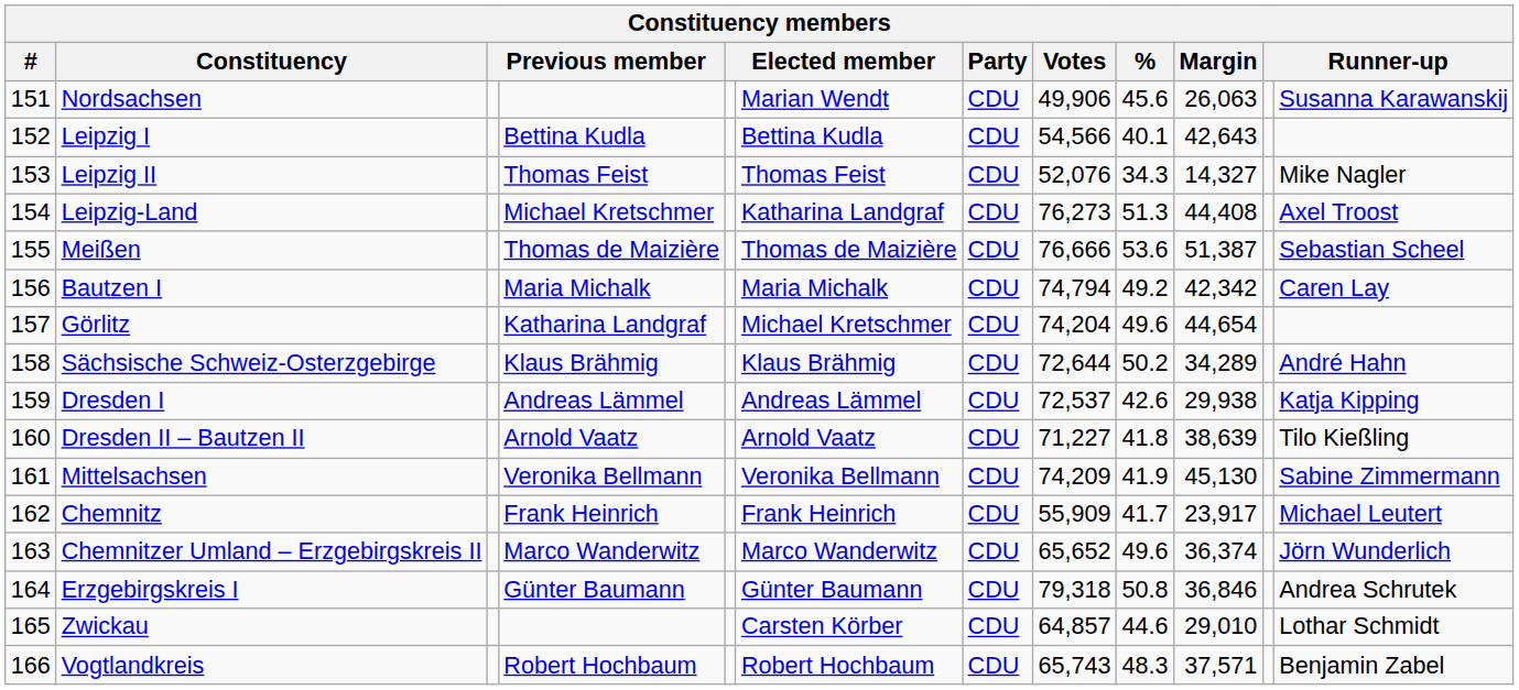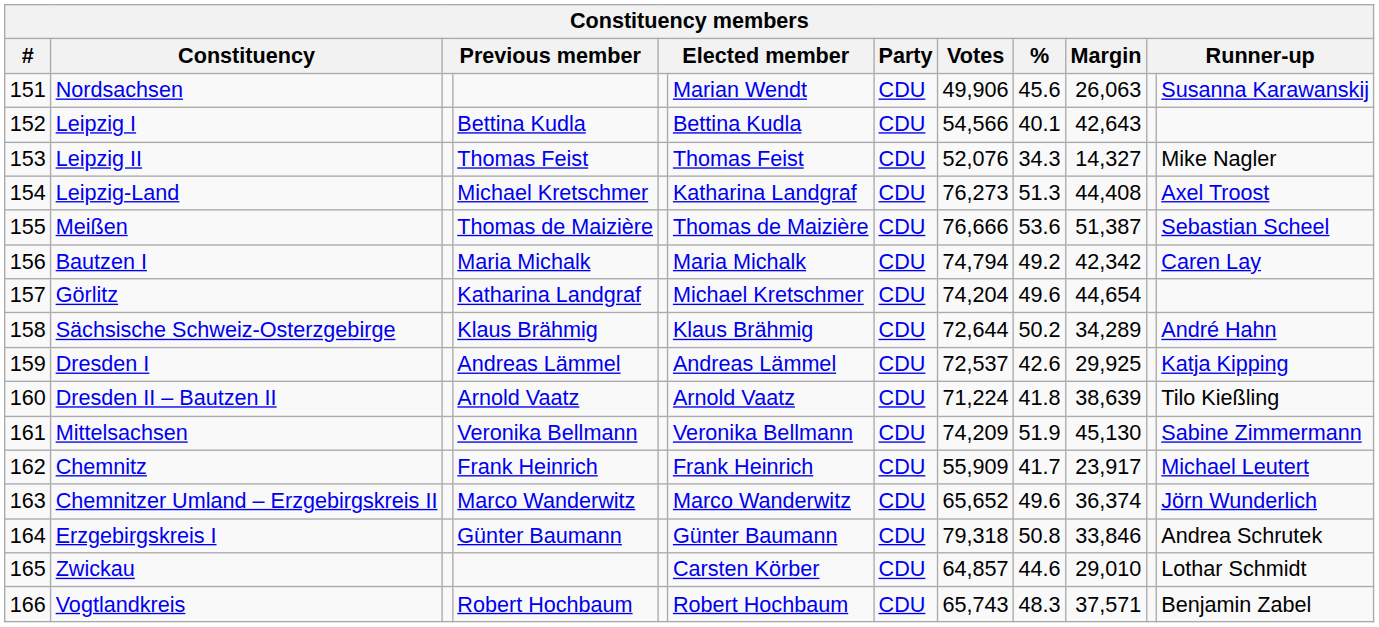 <table class="wikitable sortable" style="text-align:right">
 <tr>
 <th colspan="12">Constituency members</th>
 </tr>
 <tr>
 <th>#</th>
 <th>Constituency</th>
 <th colspan="2">Previous member</th>
 <th colspan="2">Elected member</th>
 <th>Party</th>
 <th>Votes</th>
 <th>%</th>
 <th>Margin</th>
 <th colspan="2">Runner-up</th>
 </tr>
 <tr>
 <td>151</td>
 <td align=left><a href='#'>Nordsachsen</a></td>
 <td bgcolor=></td>
 <td align=left></td>
 <td></td>
 <td align=left><a href='#'>Marian Wendt</a></td>
 <td align=left><a href='#'>CDU</a></td>
 <td>49,906</td>
 <td>45.6</td>
 <td>26,063</td>
 <td bgcolor=></td>
 <td align=left><a href='#'>Susanna Karawanskij</a></td>
 </tr>
 <tr>
 <td>152</td>
 <td align=left><a href='#'>Leipzig I</a></td>
 <td bgcolor=></td>
 <td align=left><a href='#'>Bettina Kudla</a></td>
 <td bgcolor=></td>
 <td align=left><a href='#'>Bettina Kudla</a></td>
 <td align=left><a href='#'>CDU</a></td>
 <td>54,566</td>
 <td>40.1</td>
 <td>42,643</td>
 <td bgcolor=></td>
 <td align=left></td>
 </tr>
 <tr>
 <td>153</td>
 <td align=left><a href='#'>Leipzig II</a></td>
 <td bgcolor=></td>
 <td align=left><a href='#'>Thomas Feist</a></td>
 <td bgcolor=></td>
 <td align=left><a href='#'>Thomas Feist</a></td>
 <td align=left><a href='#'>CDU</a></td>
 <td>52,076</td>
 <td>34.3</td>
 <td>14,327</td>
 <td bgcolor=></td>
 <td align=left>Mike Nagler</td>
 </tr>
 <tr>
 <td>154</td>
 <td align=left><a href='#'>Leipzig-Land</a></td>
 <td bgcolor=></td>
 <td align=left><a href='#'>Michael Kretschmer</a></td>
 <td bgcolor=></td>
 <td align=left><a href='#'>Katharina Landgraf</a></td>
 <td align=left><a href='#'>CDU</a></td>
 <td>76,273</td>
 <td>51.3</td>
 <td>44,408</td>
 <td bgcolor=></td>
 <td align=left><a href='#'>Axel Troost</a></td>
 </tr>
 <tr>
 <td>155</td>
 <td align=left><a href='#'>Meißen</a></td>
 <td bgcolor=></td>
 <td align=left><a href='#'>Thomas de Maizière</a></td>
 <td bgcolor=></td>
 <td align=left><a href='#'>Thomas de Maizière</a></td>
 <td align=left><a href='#'>CDU</a></td>
 <td>76,666</td>
 <td>53.6</td>
 <td>51,387</td>
 <td bgcolor=></td>
 <td align=left><a href='#'>Sebastian Scheel</a></td>
 </tr>
 <tr>
 <td>156</td>
 <td align=left><a href='#'>Bautzen I</a></td>
 <td bgcolor=></td>
 <td align=left><a href='#'>Maria Michalk</a></td>
 <td bgcolor=></td>
 <td align=left><a href='#'>Maria Michalk</a></td>
 <td align=left><a href='#'>CDU</a></td>
 <td>74,794</td>
 <td>49.2</td>
 <td>42,342</td>
 <td bgcolor=></td>
 <td align=left><a href='#'>Caren Lay</a></td>
 </tr>
 <tr>
 <td>157</td>
 <td align=left><a href='#'>Görlitz</a></td>
 <td bgcolor=></td>
 <td align=left><a href='#'>Katharina Landgraf</a></td>
 <td bgcolor=></td>
 <td align=left><a href='#'>Michael Kretschmer</a></td>
 <td align=left><a href='#'>CDU</a></td>
 <td>74,204</td>
 <td>49.6</td>
 <td>44,654</td>
 <td bgcolor=></td>
 <td align=left></td>
 </tr>
 <tr>
 <td>158</td>
 <td align=left><a href='#'>Sächsische Schweiz-Osterzgebirge</a></td>
 <td bgcolor=></td>
 <td align=left><a href='#'>Klaus Brähmig</a></td>
 <td bgcolor=></td>
 <td align=left><a href='#'>Klaus Brähmig</a></td>
 <td align=left><a href='#'>CDU</a></td>
 <td>72,644</td>
 <td>50.2</td>
 <td>34,289</td>
 <td bgcolor=></td>
 <td align=left><a href='#'>André Hahn</a></td>
 </tr>
 <tr>
 <td>159</td>
 <td align=left><a href='#'>Dresden I</a></td>
 <td bgcolor=></td>
 <td align=left><a href='#'>Andreas Lämmel</a></td>
 <td bgcolor=></td>
 <td align=left><a href='#'>Andreas Lämmel</a></td>
 <td align=left><a href='#'>CDU</a></td>
 <td>72,537</td>
 <td>42.6</td>
-<td>29,938</td>
+<td>29,925</td>
 <td bgcolor=></td>
 <td align=left><a href='#'>Katja Kipping</a></td>
 </tr>
 <tr>
 <td>160</td>
 <td align=left><a href='#'>Dresden II – Bautzen II</a></td>
 <td bgcolor=></td>
 <td align=left><a href='#'>Arnold Vaatz</a></td>
 <td bgcolor=></td>
 <td align=left><a href='#'>Arnold Vaatz</a></td>
 <td align=left><a href='#'>CDU</a></td>
-<td>71,227</td>
+<td>71,224</td>
 <td>41.8</td>
 <td>38,639</td>
 <td bgcolor=></td>
 <td align=left>Tilo Kießling</td>
 </tr>
 <tr>
 <td>161</td>
 <td align=left><a href='#'>Mittelsachsen</a></td>
 <td bgcolor=></td>
 <td align=left><a href='#'>Veronika Bellmann</a></td>
 <td bgcolor=></td>
 <td align=left><a href='#'>Veronika Bellmann</a></td>
 <td align=left><a href='#'>CDU</a></td>
 <td>74,209</td>
-<td>41.9</td>
+<td>51.9</td>
 <td>45,130</td>
 <td bgcolor=></td>
 <td align=left><a href='#'>Sabine Zimmermann</a></td>
 </tr>
 <tr>
 <td>162</td>
 <td align=left><a href='#'>Chemnitz</a></td>
 <td bgcolor=></td>
 <td align=left><a href='#'>Frank Heinrich</a></td>
 <td bgcolor=></td>
 <td align=left><a href='#'>Frank Heinrich</a></td>
 <td align=left><a href='#'>CDU</a></td>
 <td>55,909</td>
 <td>41.7</td>
 <td>23,917</td>
 <td bgcolor=></td>
 <td align=left><a href='#'>Michael Leutert</a></td>
 </tr>
 <tr>
 <td>163</td>
 <td align=left><a href='#'>Chemnitzer Umland – Erzgebirgskreis II</a></td>
 <td bgcolor=></td>
 <td align=left><a href='#'>Marco Wanderwitz</a></td>
 <td bgcolor=></td>
 <td align=left><a href='#'>Marco Wanderwitz</a></td>
 <td align=left><a href='#'>CDU</a></td>
 <td>65,652</td>
 <td>49.6</td>
 <td>36,374</td>
 <td bgcolor=></td>
 <td align=left><a href='#'>Jörn Wunderlich</a></td>
 </tr>
 <tr>
 <td>164</td>
 <td align=left><a href='#'>Erzgebirgskreis I</a></td>
 <td bgcolor=></td>
 <td align=left><a href='#'>Günter Baumann</a></td>
 <td bgcolor=></td>
 <td align=left><a href='#'>Günter Baumann</a></td>
 <td align=left><a href='#'>CDU</a></td>
 <td>79,318</td>
 <td>50.8</td>
-<td>36,846</td>
+<td>33,846</td>
 <td bgcolor=></td>
 <td align=left>Andrea Schrutek</td>
 </tr>
 <tr>
 <td>165</td>
 <td align=left><a href='#'>Zwickau</a></td>
 <td bgcolor=></td>
 <td align=left></td>
 <td></td>
 <td align=left><a href='#'>Carsten Körber</a></td>
 <td align=left><a href='#'>CDU</a></td>
 <td>64,857</td>
 <td>44.6</td>
 <td>29,010</td>
 <td bgcolor=></td>
 <td align=left>Lothar Schmidt</td>
 </tr>
 <tr>
 <td>166</td>
 <td align=left><a href='#'>Vogtlandkreis</a></td>
 <td bgcolor=></td>
 <td align=left><a href='#'>Robert Hochbaum</a></td>
 <td></td>
 <td align=left><a href='#'>Robert Hochbaum</a></td>
 <td align="left"><a href='#'>CDU</a></td>
 <td>65,743</td>
 <td>48.3</td>
 <td>37,571</td>
 <td bgcolor=></td>
 <td align=left>Benjamin Zabel</td>
 </tr>
 </table>
